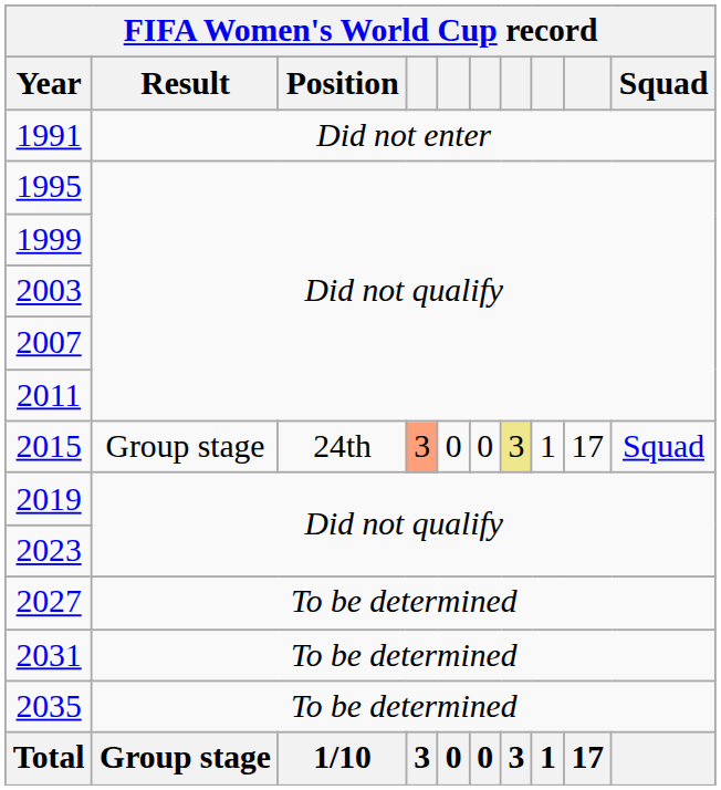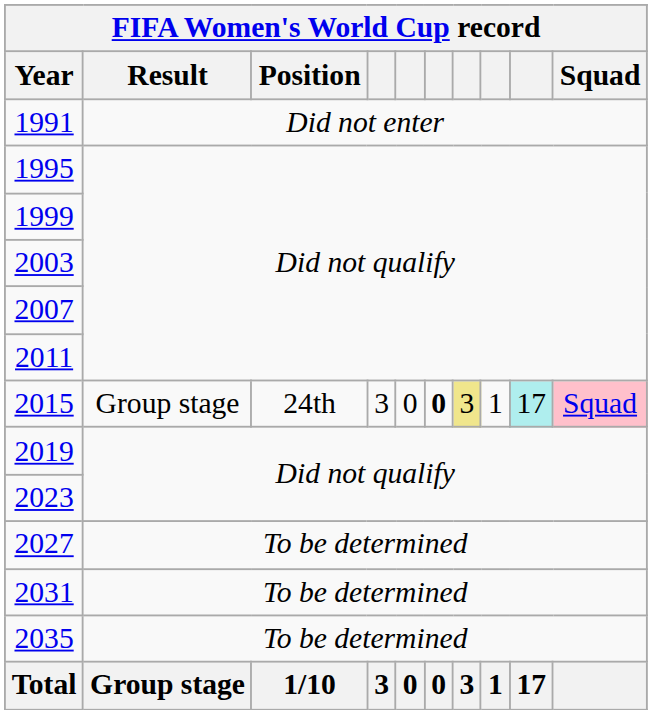 <table class="wikitable" style="text-align: center;">
 <tr>
 <th colspan=100><a href='#'>FIFA Women's World Cup</a> record</th>
 </tr>
 <tr>
 <th>Year</th>
 <th>Result</th>
 <th>Position</th>
 <th></th>
 <th></th>
 <th></th>
 <th></th>
 <th></th>
 <th></th>
 <th>Squad</th>
 </tr>
 <tr>
 <td> <a href='#'>1991</a></td>
 <td colspan=9><em>Did not enter</em></td>
 </tr>
 <tr>
 <td> <a href='#'>1995</a></td>
 <td colspan=9 rowspan=5><em>Did not qualify</em></td>
 </tr>
 <tr>
 <td> <a href='#'>1999</a></td>
 </tr>
 <tr>
 <td> <a href='#'>2003</a></td>
 </tr>
 <tr>
 <td> <a href='#'>2007</a></td>
 </tr>
 <tr>
 <td> <a href='#'>2011</a></td>
 </tr>
 <tr>
 <td> <a href='#'>2015</a></td>
 <td>Group stage</td>
 <td>24th</td>
-<td style="background: lightsalmon;">3</td>
+<td>3</td>
 <td>0</td>
-<td>0</td>
+<td><strong>0</strong></td>
 <td style="background: khaki;">3</td>
 <td>1</td>
-<td>17</td>
-<td><a href='#'>Squad</a></td>
+<td style="background: paleturquoise;">17</td>
+<td style="background: pink;"><a href='#'>Squad</a></td>
 </tr>
 <tr>
 <td> <a href='#'>2019</a></td>
 <td colspan=9 rowspan=2><em>Did not qualify</em></td>
 </tr>
 <tr>
 <td>  <a href='#'>2023</a></td>
 </tr>
 <tr>
 <td> <a href='#'>2027</a></td>
 <td colspan=9><em>To be determined</em></td>
 </tr>
 <tr>
 <td> <a href='#'>2031</a></td>
 <td colspan=9><em>To be determined</em></td>
 </tr>
 <tr>
 <td> <a href='#'>2035</a></td>
 <td colspan=9><em>To be determined</em></td>
 </tr>
 <tr>
 <th>Total</th>
 <th>Group stage</th>
 <th>1/10</th>
 <th>3</th>
 <th>0</th>
 <th>0</th>
 <th>3</th>
 <th>1</th>
 <th>17</th>
 <th></th>
 </tr>
 </table>
